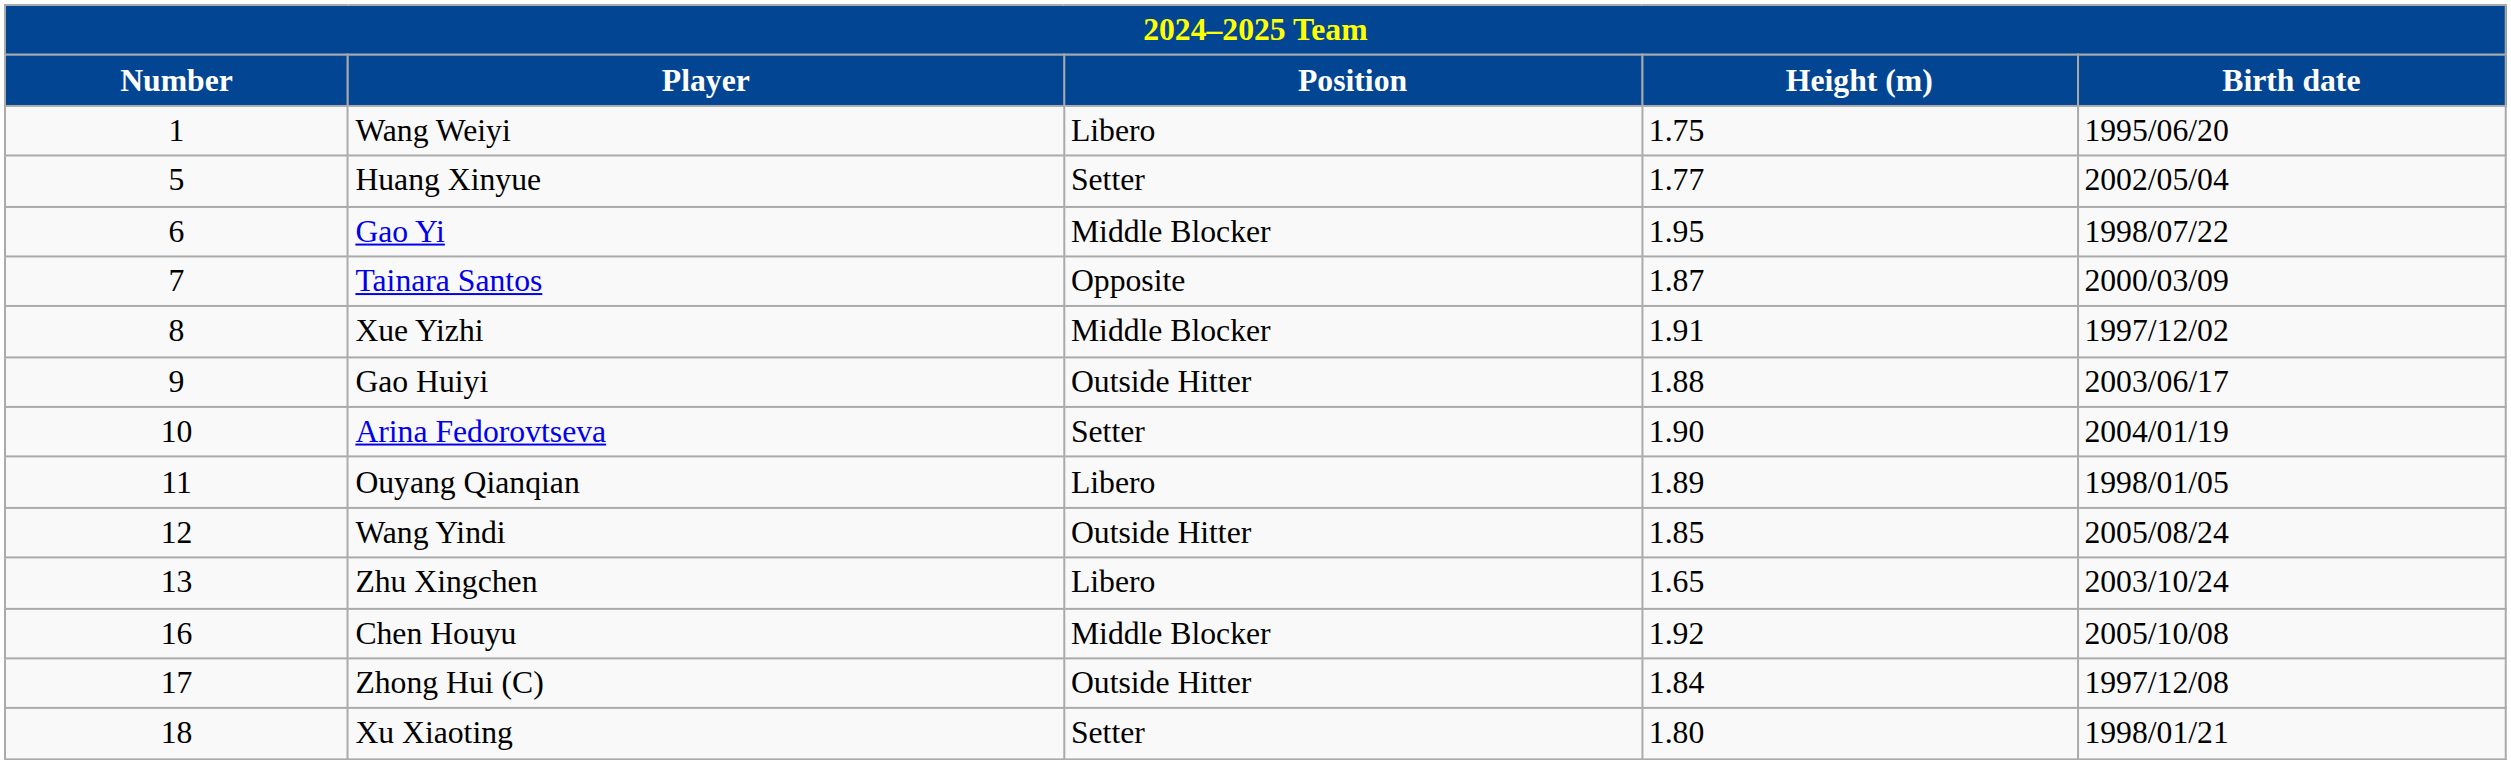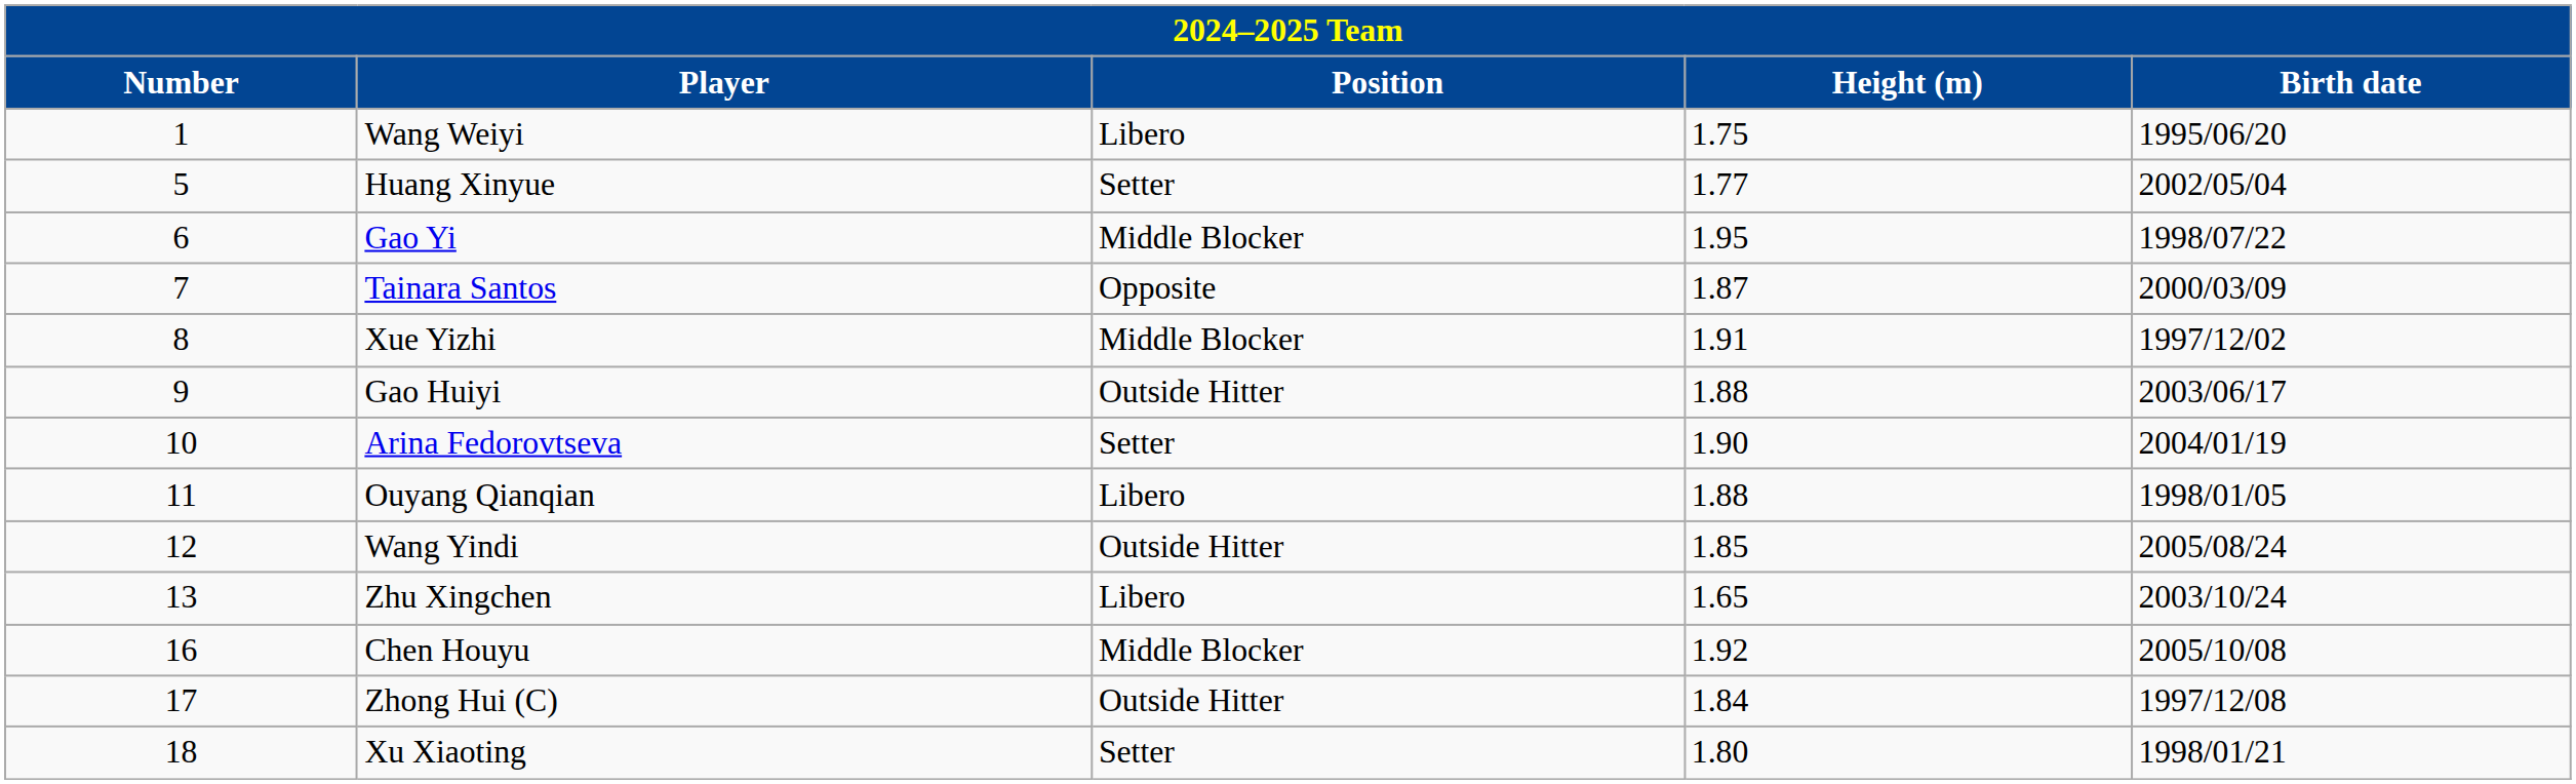 <table class="wikitable" style="width:100%;">
 <tr>
 <th style="color:#ffff00; background:#024593;" colspan=6><strong>2024–2025 Team</strong></th>
 </tr>
 <tr>
 <th style="color:#ffffff; background:#024593;">Number</th>
 <th style="color:#ffffff; background:#024593;">Player</th>
 <th style="color:#ffffff; background:#024593;">Position</th>
 <th style="color:#ffffff; background:#024593;">Height (m)</th>
 <th style="color:#ffffff; background:#024593;">Birth date</th>
 </tr>
 <tr align=left>
 <td align=center>1</td>
 <td> Wang Weiyi</td>
 <td>Libero</td>
 <td>1.75</td>
 <td>1995/06/20</td>
 </tr>
 <tr align="left">
 <td align=center>5</td>
 <td> Huang Xinyue</td>
 <td>Setter</td>
 <td>1.77</td>
 <td>2002/05/04</td>
 </tr>
 <tr align="left">
 <td align=center>6</td>
 <td> <a href='#'>Gao Yi</a></td>
 <td>Middle Blocker</td>
 <td>1.95</td>
 <td>1998/07/22</td>
 </tr>
 <tr align="left">
 <td align=center>7</td>
 <td> <a href='#'>Tainara Santos</a></td>
 <td>Opposite</td>
 <td>1.87</td>
 <td>2000/03/09</td>
 </tr>
 <tr align="left">
 <td align=center>8</td>
 <td> Xue Yizhi</td>
 <td>Middle Blocker</td>
 <td>1.91</td>
 <td>1997/12/02</td>
 </tr>
 <tr align="left">
 <td align=center>9</td>
 <td> Gao Huiyi</td>
 <td>Outside Hitter</td>
 <td>1.88</td>
 <td>2003/06/17</td>
 </tr>
 <tr align="left">
 <td align=center>10</td>
 <td> <a href='#'>Arina Fedorovtseva</a></td>
 <td>Setter</td>
 <td>1.90</td>
 <td>2004/01/19</td>
 </tr>
 <tr align="left">
 <td align=center>11</td>
 <td> Ouyang Qianqian</td>
 <td>Libero</td>
-<td>1.89</td>
+<td>1.88</td>
 <td>1998/01/05</td>
 </tr>
 <tr align="left">
 <td align=center>12</td>
 <td> Wang Yindi</td>
 <td>Outside Hitter</td>
 <td>1.85</td>
 <td>2005/08/24</td>
 </tr>
 <tr align=left>
 <td align=center>13</td>
 <td> Zhu Xingchen</td>
 <td>Libero</td>
 <td>1.65</td>
 <td>2003/10/24</td>
 </tr>
 <tr align="left">
 <td align=center>16</td>
 <td> Chen Houyu</td>
 <td>Middle Blocker</td>
 <td>1.92</td>
 <td>2005/10/08</td>
 </tr>
 <tr align="left">
 <td align=center>17</td>
 <td> Zhong Hui (C)</td>
 <td>Outside Hitter</td>
 <td>1.84</td>
 <td>1997/12/08</td>
 </tr>
 <tr align="left">
 <td align=center>18</td>
 <td> Xu Xiaoting</td>
 <td>Setter</td>
 <td>1.80</td>
 <td>1998/01/21</td>
 </tr>
 </table>
